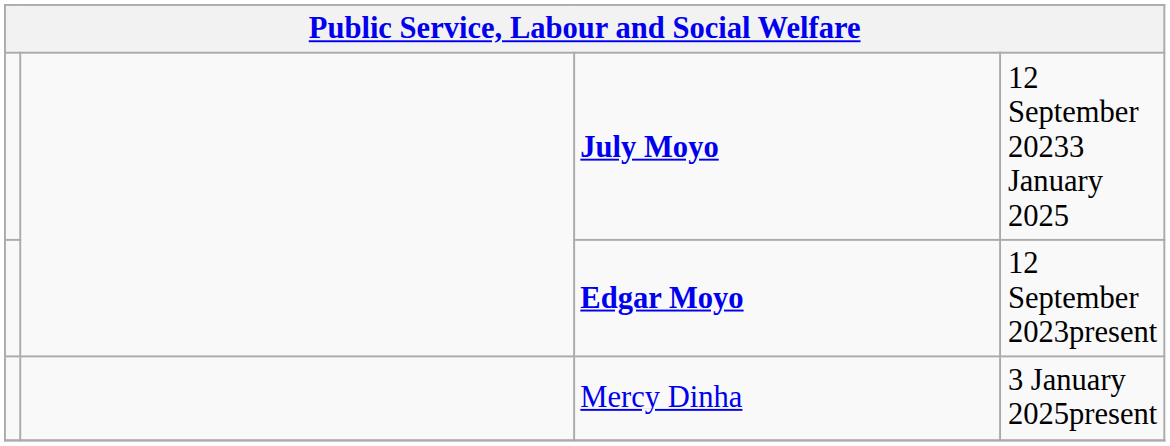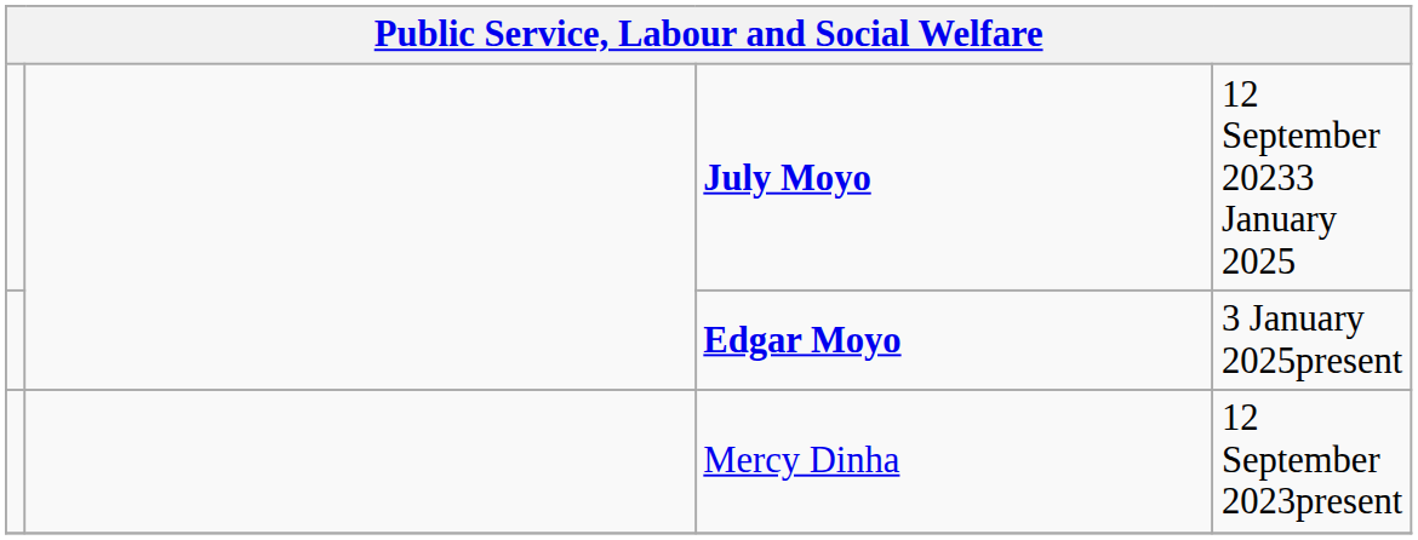 <table class="wikitable">
 <tr>
 <th colspan="4"><a href='#'>Public Service, Labour and Social Welfare</a></th>
 </tr>
 <tr>
 <td style="width: 1px; background: "></td>
 <td rowspan="2" style="width: 450px;"></td>
 <td style="width: 320px;"> <strong><a href='#'>July Moyo</a></strong></td>
 <td>12 September 20233 January 2025</td>
 </tr>
 <tr>
 <td style="width: 1px; background: "></td>
 <td style="width: 320px;"> <strong><a href='#'>Edgar Moyo</a></strong></td>
-<td>12 September 2023present</td>
+<td>3 January 2025present</td>
 </tr>
 <tr>
 <td style="width: 1px; background: "></td>
 <td style="width: 450px;"></td>
 <td style="width: 320px;"> <a href='#'>Mercy Dinha</a></td>
-<td>3 January 2025present</td>
+<td>12 September 2023present</td>
 </tr>
 <tr>
 </tr>
 </table>
